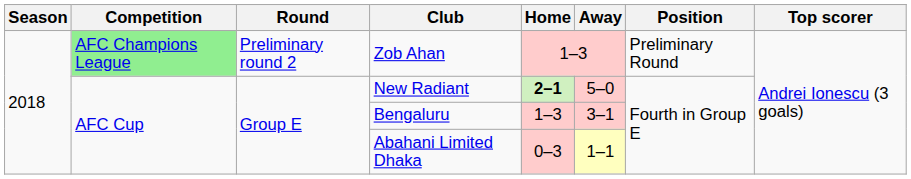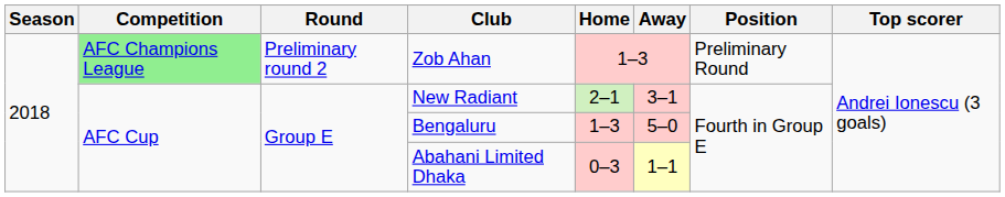 <table class="wikitable">
 <tr>
 <th>Season</th>
 <th>Competition</th>
 <th>Round</th>
 <th>Club</th>
 <th>Home</th>
 <th>Away</th>
 <th>Position</th>
 <th>Top scorer</th>
 </tr>
 <tr>
 <td rowspan="4">2018</td>
 <td rowspan="1" style="background: lightgreen;"><a href='#'>AFC Champions League</a></td>
 <td rowspan="1"><a href='#'>Preliminary round 2</a></td>
 <td> <a href='#'>Zob Ahan</a></td>
 <td colspan=2; bgcolor=#FFCCCC style="text-align:center;">1–3</td>
 <td>Preliminary Round</td>
 <td rowspan="4"> <a href='#'>Andrei Ionescu</a> (3 goals)</td>
 </tr>
 <tr>
 <td rowspan="3"><a href='#'>AFC Cup</a></td>
 <td rowspan="3"><a href='#'>Group E</a></td>
 <td> <a href='#'>New Radiant</a></td>
-<td style="text-align:center;" bgcolor=#D0F0C0><strong>2–1</strong></td>
-<td style="text-align:center;" bgcolor=#FFCCCC>5–0</td>
+<td style="text-align:center;" bgcolor=#D0F0C0>2–1</td>
+<td style="text-align:center;" bgcolor=#FFCCCC>3–1</td>
 <td rowspan="3">Fourth in Group E</td>
 </tr>
 <tr>
 <td> <a href='#'>Bengaluru</a></td>
 <td style="text-align:center;" bgcolor=#FFCCCC>1–3</td>
-<td style="text-align:center;" bgcolor=#FFCCCC>3–1</td>
+<td style="text-align:center;" bgcolor=#FFCCCC>5–0</td>
 </tr>
 <tr>
 <td> <a href='#'>Abahani Limited Dhaka</a></td>
 <td style="text-align:center;" bgcolor=#FFCCCC>0–3</td>
 <td style="text-align:center;" bgcolor=#FFFFBF>1–1</td>
 </tr>
 </table>
